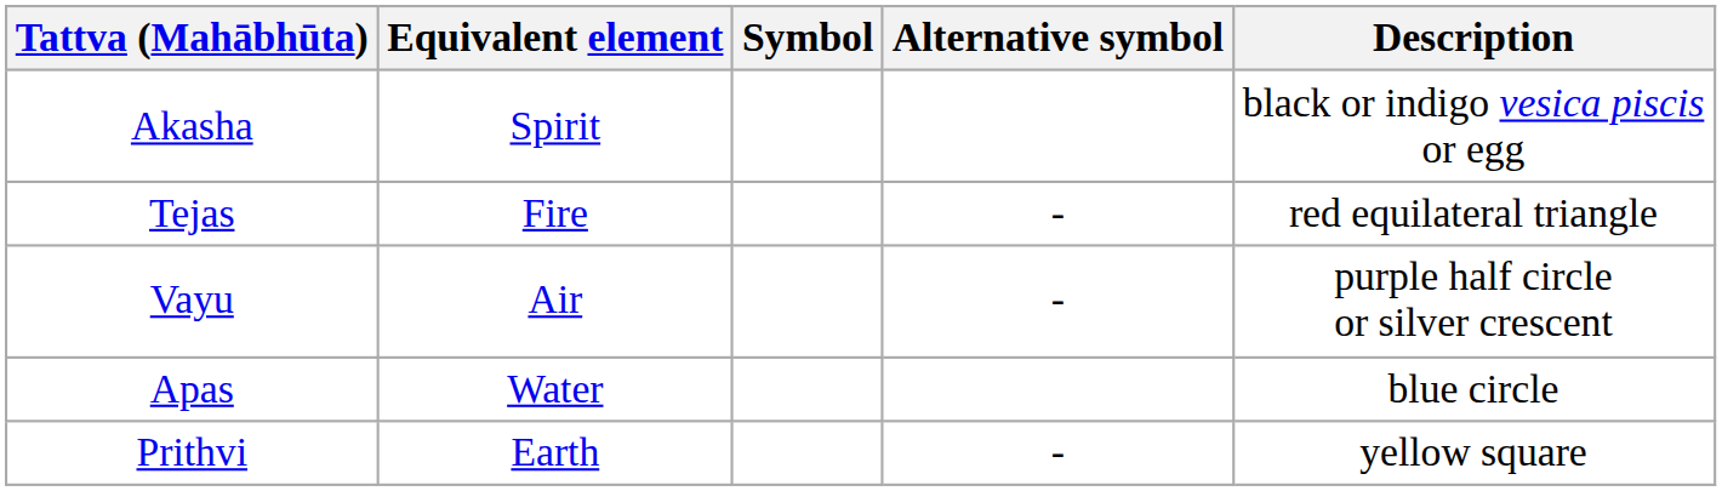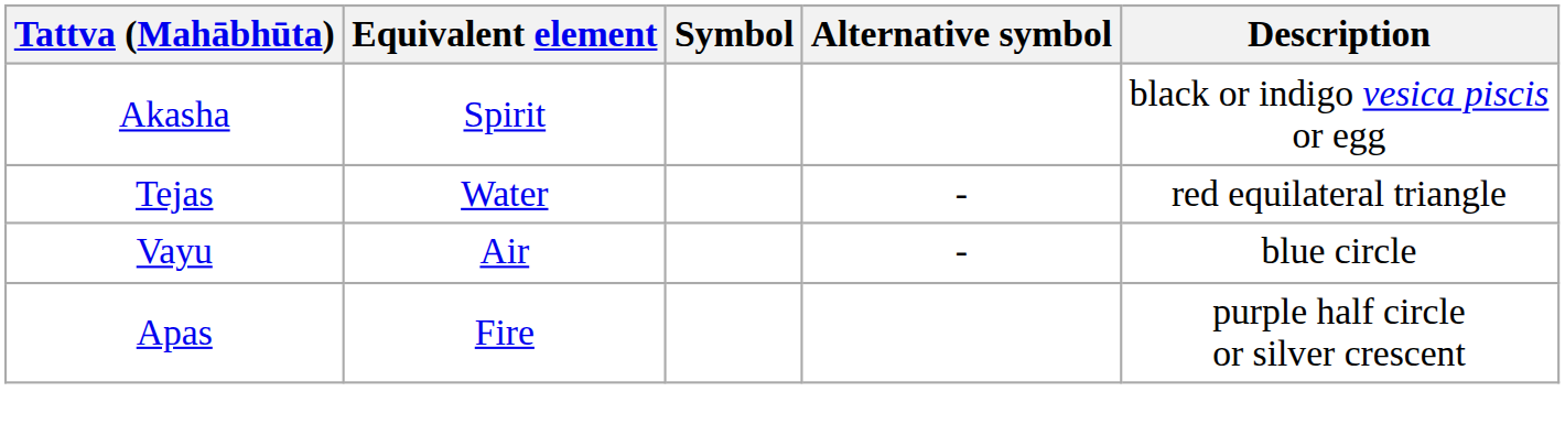 <table class="wikitable" style= "text-align:center; borders:0px; background:white">
 <tr>
 <th><a href='#'>Tattva</a> (<a href='#'>Mahābhūta</a>)</th>
 <th>Equivalent <a href='#'>element</a></th>
 <th>Symbol</th>
 <th>Alternative symbol</th>
 <th>Description</th>
 </tr>
 <tr>
 <td><a href='#'>Akasha</a></td>
 <td><a href='#'>Spirit</a></td>
 <td></td>
 <td></td>
 <td>black or indigo <em><a href='#'>vesica piscis</a></em><br>or egg</td>
 </tr>
 <tr>
 <td><a href='#'>Tejas</a></td>
-<td><a href='#'>Fire</a></td>
+<td><a href='#'>Water</a></td>
 <td></td>
 <td>-</td>
 <td>red equilateral triangle</td>
 </tr>
 <tr>
 <td><a href='#'>Vayu</a></td>
 <td><a href='#'>Air</a></td>
 <td></td>
 <td>-</td>
-<td>purple half circle<br>or silver crescent</td>
+<td>blue circle</td>
 </tr>
 <tr>
 <td><a href='#'>Apas</a></td>
-<td><a href='#'>Water</a></td>
+<td><a href='#'>Fire</a></td>
 <td></td>
 <td></td>
-<td>blue circle</td>
-</tr>
-<tr>
-<td><a href='#'>Prithvi</a></td>
-<td><a href='#'>Earth</a></td>
-<td></td>
-<td>-</td>
-<td>yellow square</td>
+<td>purple half circle<br>or silver crescent</td>
 </tr>
 </table>
